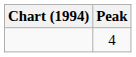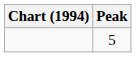 <table class="wikitable">
 <tr>
 <th align="left">Chart (1994)</th>
 <th align="center">Peak</th>
 </tr>
 <tr>
 <td align="left"></td>
-<td align="center">4</td>
+<td align="center">5</td>
 </tr>
 </table>
